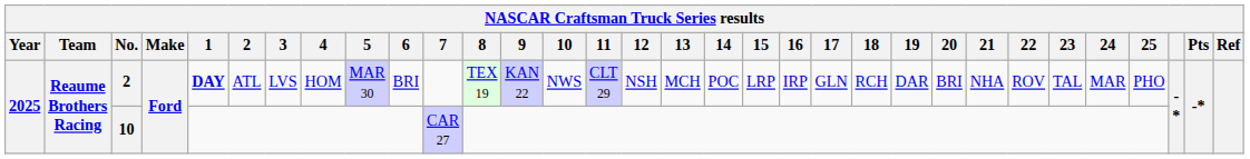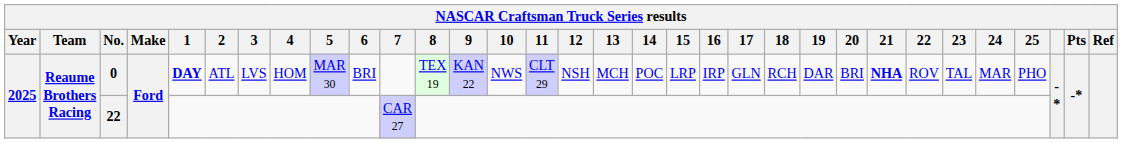 <table class="wikitable" style="text-align:center; font-size:75%">
 <tr>
 <th colspan=32><a href='#'>NASCAR Craftsman Truck Series</a> results</th>
 </tr>
 <tr>
 <th>Year</th>
 <th>Team</th>
 <th>No.</th>
 <th>Make</th>
 <th>1</th>
 <th>2</th>
 <th>3</th>
 <th>4</th>
 <th>5</th>
 <th>6</th>
 <th>7</th>
 <th>8</th>
 <th>9</th>
 <th>10</th>
 <th>11</th>
 <th>12</th>
 <th>13</th>
 <th>14</th>
 <th>15</th>
 <th>16</th>
 <th>17</th>
 <th>18</th>
 <th>19</th>
 <th>20</th>
 <th>21</th>
 <th>22</th>
 <th>23</th>
 <th>24</th>
 <th>25</th>
 <th></th>
 <th>Pts</th>
 <th>Ref</th>
 </tr>
 <tr>
 <th rowspan=2><a href='#'>2025</a></th>
 <th rowspan=2><a href='#'>Reaume Brothers Racing</a></th>
-<th>2</th>
+<th>0</th>
 <th rowspan=2><a href='#'>Ford</a></th>
 <td><strong><a href='#'>DAY</a></strong></td>
 <td><a href='#'>ATL</a></td>
 <td><a href='#'>LVS</a></td>
 <td><a href='#'>HOM</a></td>
 <td style="background:#CFCFFF;"><a href='#'>MAR</a><br><small>30</small></td>
 <td><a href='#'>BRI</a></td>
 <td></td>
 <td style="background:#DFFFDF;"><a href='#'>TEX</a><br><small>19</small></td>
 <td style="background:#CFCFFF;"><a href='#'>KAN</a><br><small>22</small></td>
 <td><a href='#'>NWS</a></td>
 <td style="background:#CFCFFF;"><a href='#'>CLT</a><br><small>29</small></td>
 <td><a href='#'>NSH</a></td>
 <td><a href='#'>MCH</a></td>
 <td><a href='#'>POC</a></td>
 <td><a href='#'>LRP</a></td>
 <td><a href='#'>IRP</a></td>
 <td><a href='#'>GLN</a></td>
 <td><a href='#'>RCH</a></td>
 <td><a href='#'>DAR</a></td>
 <td><a href='#'>BRI</a></td>
-<td><a href='#'>NHA</a></td>
+<td><strong><a href='#'>NHA</a></strong></td>
 <td><a href='#'>ROV</a></td>
 <td><a href='#'>TAL</a></td>
 <td><a href='#'>MAR</a></td>
 <td><a href='#'>PHO</a></td>
 <th rowspan=2>-*</th>
 <th rowspan=2>-*</th>
 <th rowspan=2></th>
 </tr>
 <tr>
-<th>10</th>
+<th>22</th>
 <td colspan=6></td>
 <td style="background:#CFCFFF;"><a href='#'>CAR</a><br><small>27</small></td>
 <td colspan=18></td>
 </tr>
 </table>
